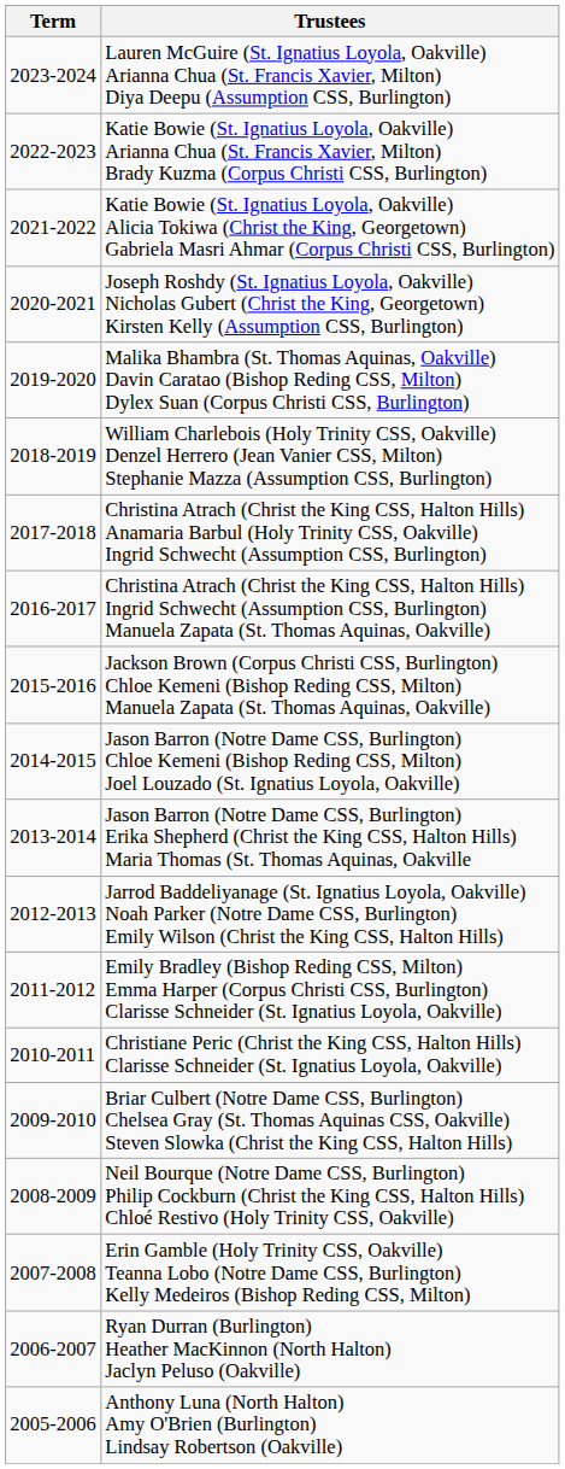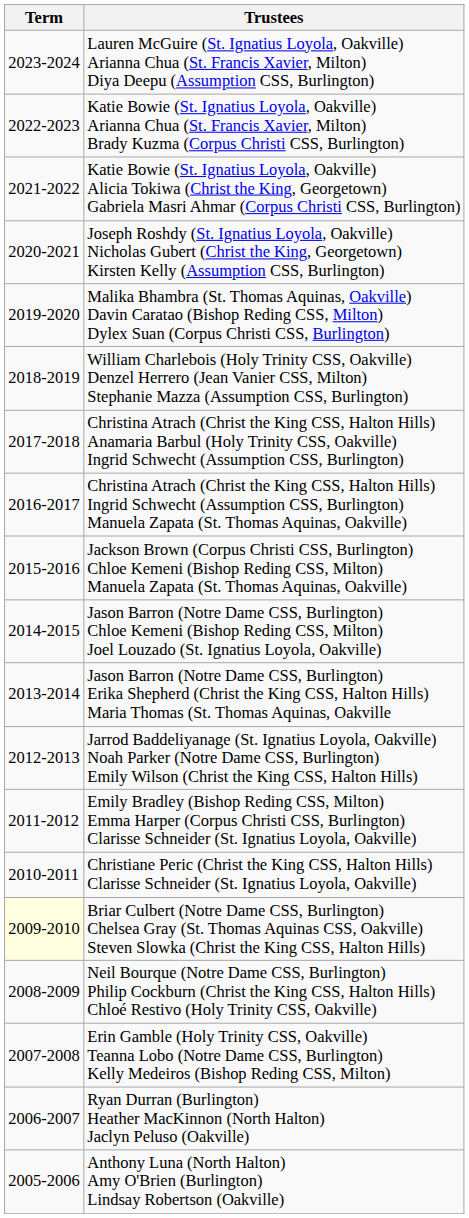 <table class="wikitable">
 <tr>
 <th>Term</th>
 <th>Trustees</th>
 </tr>
 <tr>
 <td>2023-2024</td>
 <td>Lauren McGuire (<a href='#'>St. Ignatius Loyola</a>, Oakville)<br>Arianna Chua (<a href='#'>St. Francis Xavier</a>, Milton)<br>Diya Deepu (<a href='#'>Assumption</a> CSS, Burlington)</td>
 </tr>
 <tr>
 <td>2022-2023</td>
 <td>Katie Bowie (<a href='#'>St. Ignatius Loyola</a>, Oakville)<br>Arianna Chua (<a href='#'>St. Francis Xavier</a>, Milton) <br>Brady Kuzma (<a href='#'>Corpus Christi</a> CSS, Burlington)</td>
 </tr>
 <tr>
 <td>2021-2022</td>
 <td>Katie Bowie (<a href='#'>St. Ignatius Loyola</a>, Oakville)<br>Alicia Tokiwa (<a href='#'>Christ the King</a>, Georgetown)  <br>Gabriela Masri Ahmar (<a href='#'>Corpus Christi</a> CSS, Burlington)</td>
 </tr>
 <tr>
 <td>2020-2021</td>
 <td>Joseph Roshdy (<a href='#'>St. Ignatius Loyola</a>, Oakville)<br>Nicholas Gubert (<a href='#'>Christ the King</a>, Georgetown)  <br>Kirsten Kelly (<a href='#'>Assumption</a> CSS, Burlington)</td>
 </tr>
 <tr>
 <td>2019-2020</td>
 <td>Malika Bhambra (St. Thomas Aquinas, <a href='#'>Oakville</a>)<br>Davin Caratao (Bishop Reding CSS, <a href='#'>Milton</a>)<br>Dylex Suan (Corpus Christi CSS, <a href='#'>Burlington</a>)</td>
 </tr>
 <tr>
 <td>2018-2019</td>
 <td>William Charlebois (Holy Trinity CSS, Oakville)<br>Denzel Herrero (Jean Vanier CSS, Milton)<br>Stephanie Mazza (Assumption CSS, Burlington)</td>
 </tr>
 <tr>
 <td>2017-2018</td>
 <td>Christina Atrach (Christ the King CSS, Halton Hills)<br>Anamaria Barbul (Holy Trinity CSS, Oakville)<br>Ingrid Schwecht (Assumption CSS, Burlington)</td>
 </tr>
 <tr>
 <td>2016-2017</td>
 <td>Christina Atrach (Christ the King CSS, Halton Hills)<br>Ingrid Schwecht (Assumption CSS, Burlington)<br>Manuela Zapata (St. Thomas Aquinas, Oakville)</td>
 </tr>
 <tr>
 <td>2015-2016</td>
 <td>Jackson Brown (Corpus Christi CSS, Burlington)<br>Chloe Kemeni (Bishop Reding CSS, Milton)<br>Manuela Zapata (St. Thomas Aquinas, Oakville)</td>
 </tr>
 <tr>
 <td>2014-2015</td>
 <td>Jason Barron (Notre Dame CSS, Burlington)<br>Chloe Kemeni (Bishop Reding CSS, Milton)<br>Joel Louzado (St. Ignatius Loyola, Oakville)</td>
 </tr>
 <tr>
 <td>2013-2014</td>
 <td>Jason Barron (Notre Dame CSS, Burlington)<br>Erika Shepherd (Christ the King CSS, Halton Hills)<br>Maria Thomas (St. Thomas Aquinas, Oakville</td>
 </tr>
 <tr>
 <td>2012-2013</td>
 <td>Jarrod Baddeliyanage (St. Ignatius Loyola, Oakville)<br>Noah Parker (Notre Dame CSS, Burlington)<br>Emily Wilson (Christ the King CSS, Halton Hills)</td>
 </tr>
 <tr>
 <td>2011-2012</td>
 <td>Emily Bradley (Bishop Reding CSS, Milton)<br>Emma Harper (Corpus Christi CSS, Burlington)<br>Clarisse Schneider (St. Ignatius Loyola, Oakville)</td>
 </tr>
 <tr>
 <td>2010-2011</td>
 <td>Christiane Peric (Christ the King CSS, Halton Hills)<br>Clarisse Schneider (St. Ignatius Loyola, Oakville)</td>
 </tr>
 <tr>
-<td>2009-2010</td>
+<td style="background: lightyellow;">2009-2010</td>
 <td>Briar Culbert (Notre Dame CSS, Burlington)<br>Chelsea Gray (St. Thomas Aquinas CSS, Oakville)<br>Steven Slowka (Christ the King CSS, Halton Hills)</td>
 </tr>
 <tr>
 <td>2008-2009</td>
 <td>Neil Bourque (Notre Dame CSS, Burlington)<br>Philip Cockburn (Christ the King CSS, Halton Hills)<br>Chloé Restivo (Holy Trinity CSS, Oakville)</td>
 </tr>
 <tr>
 <td>2007-2008</td>
 <td>Erin Gamble (Holy Trinity CSS, Oakville)<br>Teanna Lobo (Notre Dame CSS, Burlington)<br>Kelly Medeiros (Bishop Reding CSS, Milton)</td>
 </tr>
 <tr>
 <td>2006-2007</td>
 <td>Ryan Durran (Burlington)<br>Heather MacKinnon (North Halton)<br>Jaclyn Peluso (Oakville)</td>
 </tr>
 <tr>
 <td>2005-2006</td>
 <td>Anthony Luna (North Halton)<br>Amy O'Brien (Burlington)<br>Lindsay Robertson (Oakville)</td>
 </tr>
 </table>
